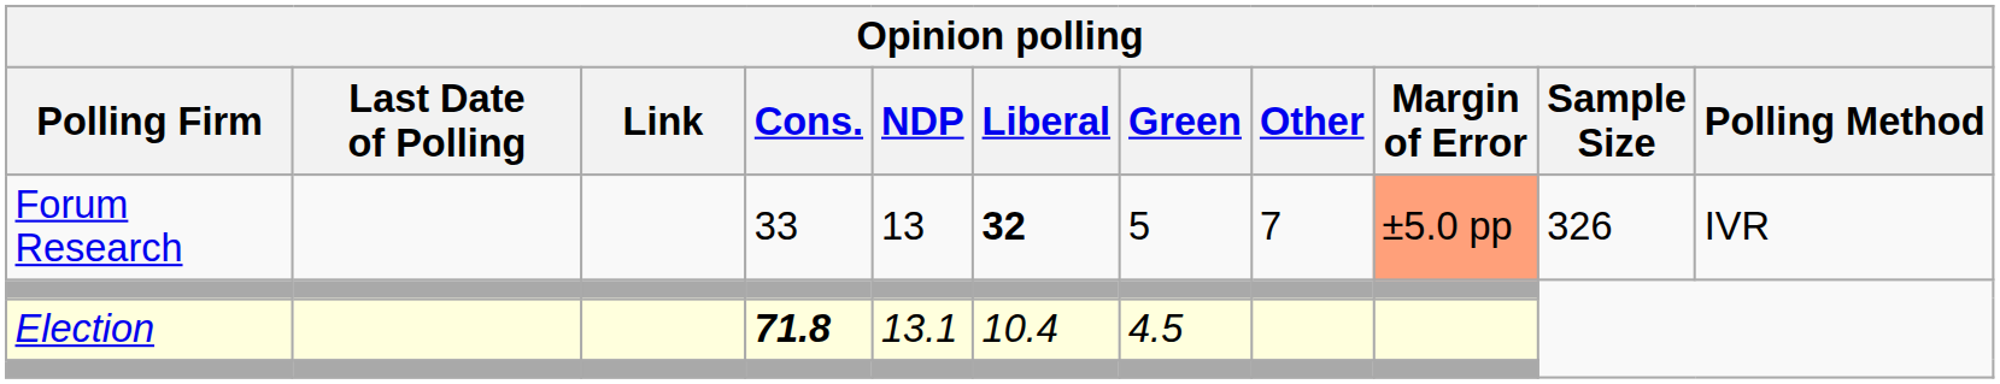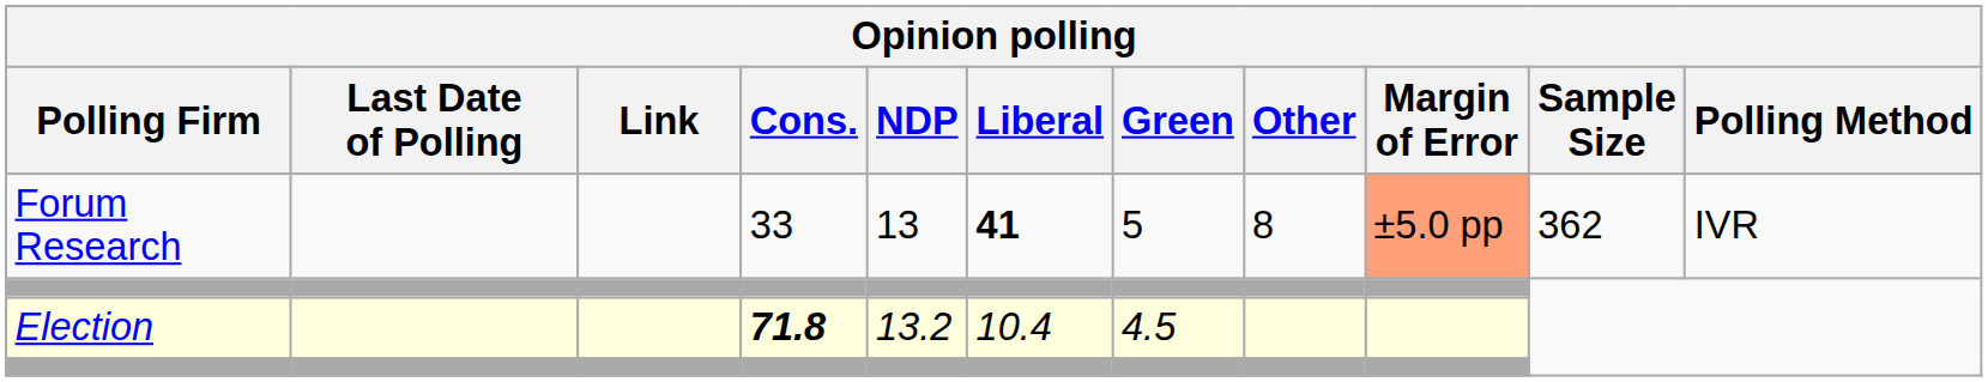 <table class="wikitable collapsible sortable collapsed">
 <tr style="background:#e9e9e9;">
 <th style="width:640px,;" colspan="11">Opinion polling</th>
 </tr>
 <tr style="background:#e9e9e9;">
 <th style="width:110px">Polling Firm</th>
 <th style="width:110px">Last Date<br>of Polling</th>
 <th style="width:60px" class="unsortable">Link</th>
 <th style="background-color:"><a href='#'>Cons.</a></th>
 <th style="background-color:"><a href='#'>NDP</a></th>
 <th style="background-color:"><a href='#'>Liberal</a></th>
 <th style="background-color:"><a href='#'>Green</a></th>
 <th style="background-color:"><a href='#'>Other</a></th>
 <th style="width:60px;" class=unsortable>Margin<br>of Error</th>
 <th style="width:50px;" class=unsortable>Sample<br>Size</th>
 <th class=unsortable>Polling Method</th>
 </tr>
 <tr>
 <td><a href='#'>Forum Research</a></td>
 <td></td>
 <td></td>
 <td>33</td>
 <td>13</td>
-<td><strong>32</strong></td>
+<td><strong>41</strong></td>
 <td>5</td>
-<td>7</td>
+<td>8</td>
 <td style="background: lightsalmon;">±5.0 pp</td>
-<td>326</td>
+<td>362</td>
 <td>IVR</td>
 </tr>
 <tr style="background:Darkgrey;">
 <td></td>
 <td></td>
 <td></td>
 <td></td>
 <td></td>
 <td></td>
 <td></td>
 <td></td>
 <td></td>
 </tr>
 <tr>
 <td style="background:#ffd;"><em><a href='#'>Election</a></em></td>
 <td style="background:#ffd;"></td>
 <td style="background:#ffd;"></td>
 <td style="background:#ffd;"><strong><em>71.8</em></strong></td>
-<td style="background:#ffd;"><em>13.1</em></td>
+<td style="background:#ffd;"><em>13.2</em></td>
 <td style="background:#ffd;"><em>10.4</em></td>
 <td style="background:#ffd;"><em>4.5</em></td>
 <td style="background:#ffd;"></td>
 <td style="background:#ffd;"></td>
 </tr>
 <tr style="background:Darkgrey;">
 <td></td>
 <td></td>
 <td></td>
 <td></td>
 <td></td>
 <td></td>
 <td></td>
 <td></td>
 <td></td>
 </tr>
 </table>
